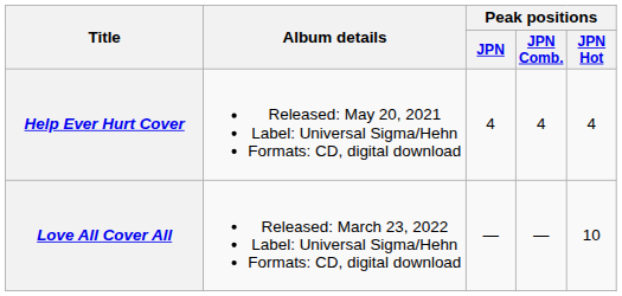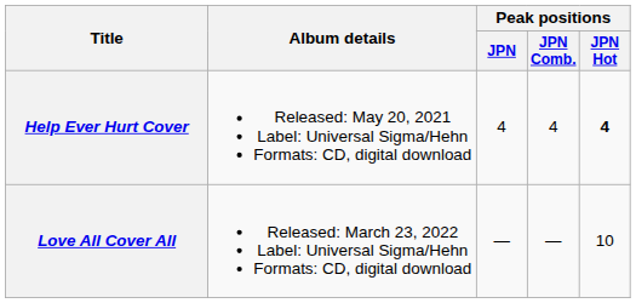 <table class="wikitable plainrowheaders" style="text-align:center;">
 <tr>
 <th rowspan="2" style="width:12em;">Title</th>
 <th rowspan="2" style="width:16em;">Album details</th>
 <th colspan="3">Peak positions</th>
 </tr>
 <tr>
 <th scope="col" style="width:3em;font-size:90%;"><a href='#'>JPN</a><br></th>
 <th scope="col" style="width:3em;font-size:90%;"><a href='#'>JPN<br>Comb.</a><br></th>
 <th scope="col" style="width:3em;font-size:90%;"><a href='#'>JPN Hot</a><br></th>
 </tr>
 <tr>
 <th scope="row"><em><a href='#'>Help Ever Hurt Cover</a></em></th>
 <td><br><ul><li>Released: May 20, 2021</li><li>Label: Universal Sigma/Hehn</li><li>Formats: CD, digital download</li></ul></td>
 <td>4</td>
 <td>4</td>
-<td>4</td>
+<td><strong>4</strong></td>
 </tr>
 <tr>
 <th scope="row"><em><a href='#'>Love All Cover All</a></em></th>
 <td><br><ul><li>Released: March 23, 2022</li><li>Label: Universal Sigma/Hehn</li><li>Formats: CD, digital download</li></ul></td>
 <td>—</td>
 <td>—</td>
 <td>10</td>
 </tr>
 </table>
